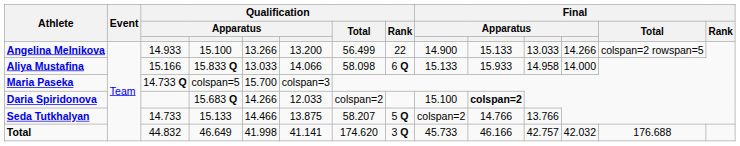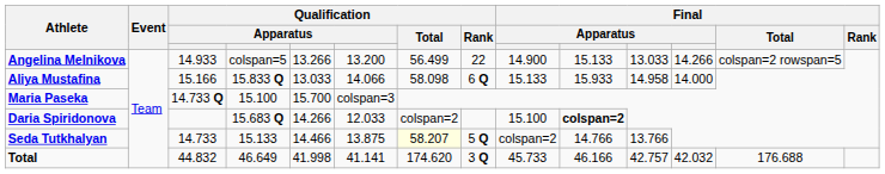 <table class="wikitable" style="font-size:90%">
 <tr>
 <th rowspan=3>Athlete</th>
 <th rowspan=3>Event</th>
 <th colspan=6>Qualification</th>
 <th colspan=6>Final</th>
 </tr>
 <tr style="font-size:95%">
 <th colspan=4>Apparatus</th>
 <th rowspan=2>Total</th>
 <th rowspan=2>Rank</th>
 <th colspan=4>Apparatus</th>
 <th rowspan=2>Total</th>
 <th rowspan=2>Rank</th>
 </tr>
 <tr style="font-size:95%">
 <th></th>
 <th></th>
 <th></th>
 <th></th>
 <th></th>
 <th></th>
 <th></th>
 <th></th>
 </tr>
 <tr align=center>
 <td align=left><strong><a href='#'>Angelina Melnikova</a></strong></td>
 <td align=left rowspan=6><a href='#'>Team</a></td>
 <td>14.933</td>
-<td>15.100</td>
+<td>colspan=5 </td>
 <td>13.266</td>
 <td>13.200</td>
 <td>56.499</td>
 <td>22</td>
 <td>14.900</td>
 <td>15.133</td>
 <td>13.033</td>
 <td>14.266</td>
 <td>colspan=2 rowspan=5 </td>
 </tr>
 <tr align=center>
 <td align=left><strong><a href='#'>Aliya Mustafina</a></strong></td>
 <td>15.166</td>
 <td>15.833 <strong>Q</strong></td>
 <td>13.033</td>
 <td>14.066</td>
 <td>58.098</td>
 <td>6 <strong>Q</strong></td>
 <td>15.133</td>
 <td>15.933</td>
 <td>14.958</td>
 <td>14.000</td>
 </tr>
 <tr align=center>
 <td align=left><strong><a href='#'>Maria Paseka</a></strong></td>
 <td>14.733 <strong>Q</strong></td>
-<td>colspan=5 </td>
+<td>15.100</td>
 <td>15.700</td>
 <td>colspan=3 </td>
 </tr>
 <tr align=center>
 <td align=left><strong><a href='#'>Daria Spiridonova</a></strong></td>
 <td></td>
 <td>15.683 <strong>Q</strong></td>
 <td>14.266</td>
 <td>12.033</td>
 <td>colspan=2 </td>
 <td></td>
 <td>15.100</td>
 <td><strong>colspan=2 </strong></td>
 </tr>
 <tr align=center>
 <td align=left><strong><a href='#'>Seda Tutkhalyan</a></strong></td>
 <td>14.733</td>
 <td>15.133</td>
 <td>14.466</td>
 <td>13.875</td>
-<td>58.207</td>
+<td style="background: lightyellow;">58.207</td>
 <td>5 <strong>Q</strong></td>
 <td>colspan=2 </td>
 <td>14.766</td>
 <td>13.766</td>
 </tr>
 <tr align=center>
 <td align=left><strong>Total</strong></td>
 <td>44.832</td>
 <td>46.649</td>
 <td>41.998</td>
 <td>41.141</td>
 <td>174.620</td>
 <td>3 <strong>Q</strong></td>
 <td>45.733</td>
 <td>46.166</td>
 <td>42.757</td>
 <td>42.032</td>
 <td>176.688</td>
 <td></td>
 </tr>
 </table>
